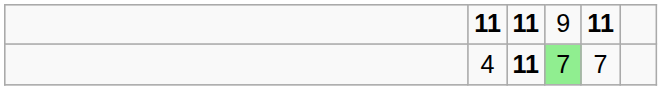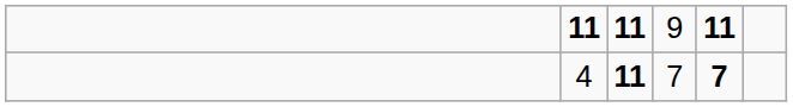 <table class="wikitable">
 <tr>
 <td style="width:18em"><strong></strong></td>
 <td align=center style="width:1em"><strong>11</strong></td>
 <td align=center style="width:1em"><strong>11</strong></td>
 <td align=center style="width:1em">9</td>
 <td align=center style="width:1em"><strong>11</strong></td>
 <td align=center style="width:1em"></td>
 </tr>
 <tr>
 <td style="width:18em"></td>
 <td align=center style="width:1em">4</td>
 <td align=center style="width:1em"><strong>11</strong></td>
-<td align=center style="background: lightgreen; width:1em">7</td>
 <td align=center style="width:1em">7</td>
+<td align=center style="width:1em"><strong>7</strong></td>
 <td align=center style="width:1em"></td>
 </tr>
 </table>
